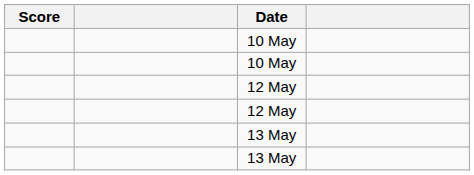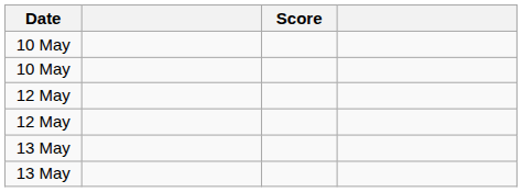 <table class="wikitable" style="text-align: center; font-size:90% ">
 <tr>
+<th width="60">Date</th>
+<th align="right" width="150"></th>
 <th width="60">Score</th>
-<th align="right" width="150"></th>
-<th width="60">Date</th>
 <th align="left" width="150"></th>
 </tr>
 <tr>
+<td>10 May</td>
+<td align=left><strong></strong></td>
 <td align=center></td>
-<td align=left><strong></strong></td>
-<td>10 May</td>
 <td align=left></td>
 </tr>
 <tr>
+<td>10 May</td>
+<td align=left></td>
 <td align=center></td>
-<td align=left></td>
-<td>10 May</td>
 <td align=left><strong></strong></td>
 </tr>
 <tr>
+<td>12 May</td>
+<td align=left><strong></strong></td>
 <td align=center></td>
-<td align=left><strong></strong></td>
-<td>12 May</td>
 <td align=left></td>
 </tr>
 <tr>
+<td>12 May</td>
+<td align=left><strong></strong></td>
 <td align=center></td>
-<td align=left><strong></strong></td>
-<td>12 May</td>
 <td align=left></td>
 </tr>
 <tr>
+<td>13 May</td>
+<td align=left><strong></strong></td>
 <td align=center></td>
-<td align=left><strong></strong></td>
-<td>13 May</td>
 <td align=left></td>
 </tr>
 <tr>
+<td>13 May</td>
+<td align=left><strong></strong></td>
 <td align=center></td>
-<td align=left><strong></strong></td>
-<td>13 May</td>
 <td align=left></td>
 </tr>
 </table>
